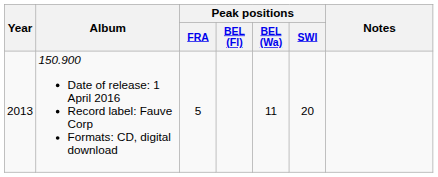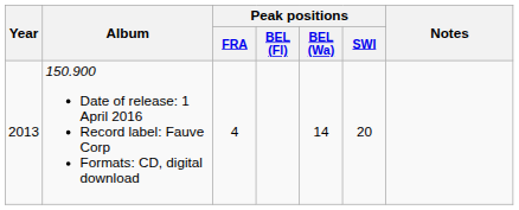 <table class="wikitable">
 <tr>
 <th align="center" rowspan="2" width="10">Year</th>
 <th align="center" rowspan="2" width="190">Album</th>
 <th align="center" colspan="4" width="20">Peak positions</th>
 <th align="center" rowspan="2" width="140">Notes</th>
 </tr>
 <tr>
 <th scope="col" style="width:3em;font-size:90%;"><a href='#'>FRA</a><br></th>
 <th scope="col" style="width:3em;font-size:90%;"><a href='#'>BEL <br>(Fl)</a><br></th>
 <th scope="col" style="width:3em;font-size:90%;"><a href='#'>BEL <br>(Wa)</a><br></th>
 <th scope="col" style="width:3em;font-size:90%;"><a href='#'>SWI</a><br></th>
 </tr>
 <tr>
 <td style="text-align:center;">2013</td>
 <td><em>150.900</em><br><ul><li>Date of release: 1 April 2016</li><li>Record label: Fauve Corp</li><li>Formats: CD, digital download</li></ul></td>
-<td style="text-align:center;">5</td>
+<td style="text-align:center;">4</td>
 <td style="text-align:center;"></td>
-<td style="text-align:center;">11</td>
+<td style="text-align:center;">14</td>
 <td style="text-align:center;">20</td>
 <td style="text-align:center;"></td>
 </tr>
 </table>
